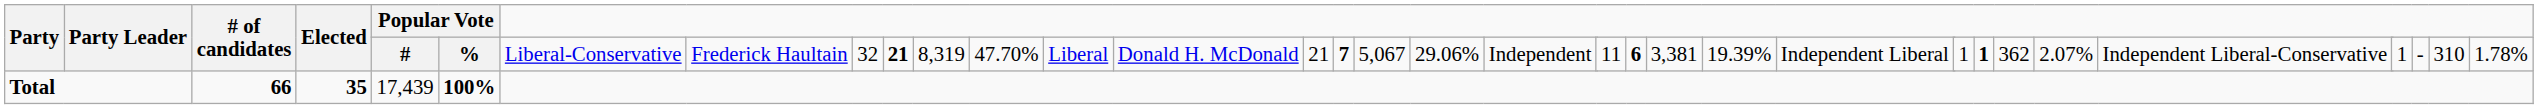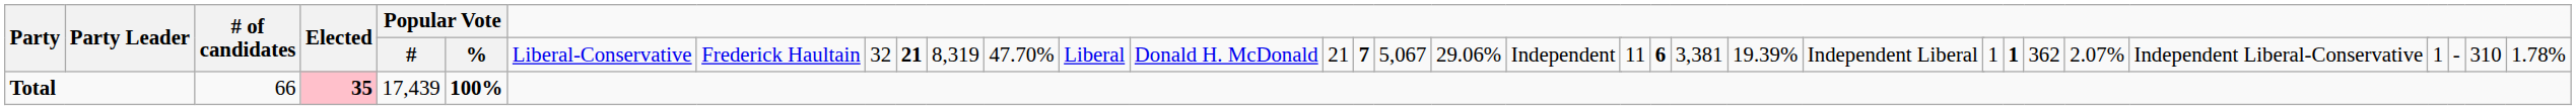 <table class="wikitable">
 <tr>
 <th rowspan=2 colspan=2>Party</th>
 <th rowspan=2>Party Leader</th>
 <th rowspan=2># of<br>candidates</th>
 <th rowspan=2>Elected</th>
 <th colspan=2>Popular Vote</th>
 </tr>
 <tr>
 <th>#</th>
 <th>%<br></th>
 <td><a href='#'>Liberal-Conservative</a></td>
 <td align="center"><a href='#'>Frederick Haultain</a></td>
 <td align="right">32</td>
 <td align="right"><strong> 21 </strong></td>
 <td align="right">8,319</td>
 <td align="right">47.70%<br></td>
 <td><a href='#'>Liberal</a></td>
 <td align="center"><a href='#'>Donald H. McDonald</a></td>
 <td align="right">21</td>
 <td align="right"><strong>7</strong></td>
 <td align="right">5,067</td>
 <td align="right">29.06%<br></td>
 <td colspan=2>Independent</td>
 <td align="right">11</td>
 <td align="right"><strong>6</strong></td>
 <td align="right">3,381</td>
 <td align="right">19.39%<br></td>
 <td colspan=2>Independent Liberal</td>
 <td align="right">1</td>
 <td align="right"><strong>1</strong></td>
 <td align="right">362</td>
 <td align="right">2.07%<br></td>
 <td colspan=2>Independent Liberal-Conservative</td>
 <td align="right">1</td>
 <td align="right">-</td>
 <td align="right">310</td>
 <td align="right">1.78%</td>
 </tr>
 <tr>
 <td colspan=3><strong>Total</strong></td>
-<td align="right"><strong>66</strong></td>
-<td align="right"><strong>35</strong></td>
+<td align="right">66</td>
+<td align="right" style="background: pink;"><strong>35</strong></td>
 <td align="right">17,439</td>
 <td align="right"><strong>100%</strong></td>
 </tr>
 </table>
